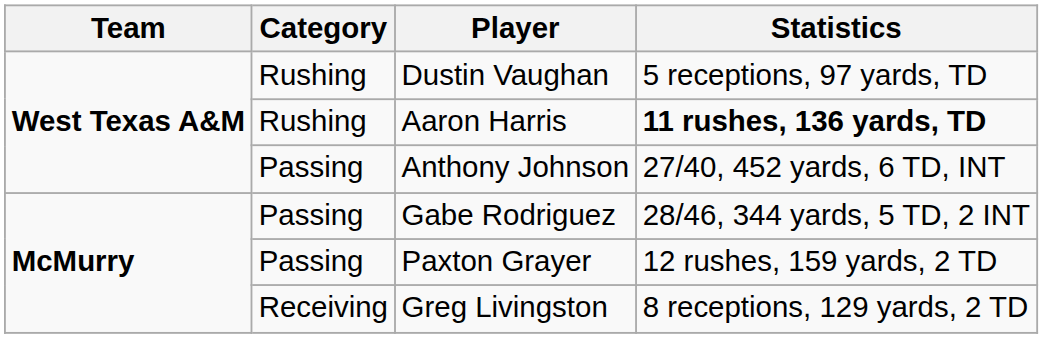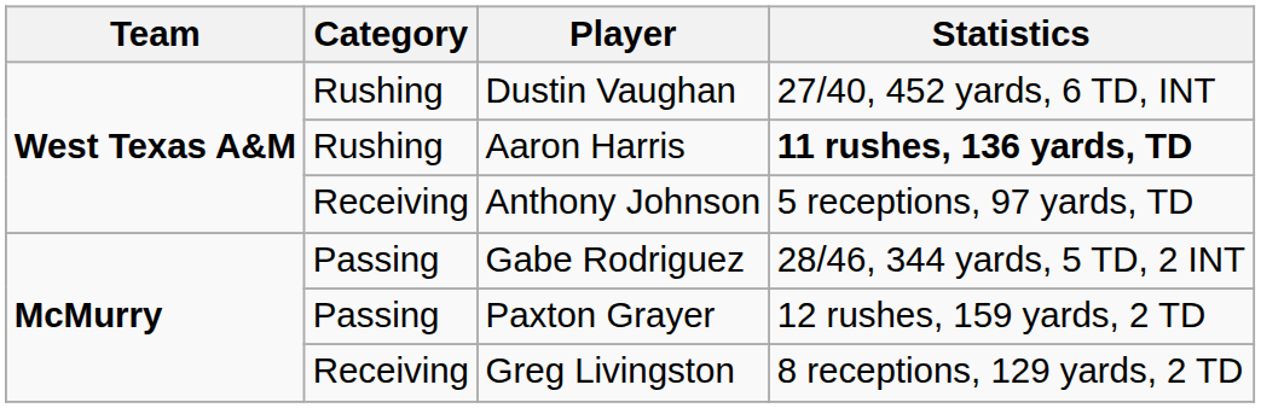 <table class="wikitable" style="float: left;">
 <tr>
 <th>Team</th>
 <th>Category</th>
 <th>Player</th>
 <th>Statistics</th>
 </tr>
 <tr>
 <td rowspan=3><strong>West Texas A&M</strong></td>
 <td>Rushing</td>
 <td>Dustin Vaughan</td>
-<td>5 receptions, 97 yards, TD</td>
+<td>27/40, 452 yards, 6 TD, INT</td>
 </tr>
 <tr>
 <td>Rushing</td>
 <td>Aaron Harris</td>
 <td><strong>11 rushes, 136 yards, TD</strong></td>
 </tr>
 <tr>
-<td>Passing</td>
+<td>Receiving</td>
 <td>Anthony Johnson</td>
-<td>27/40, 452 yards, 6 TD, INT</td>
+<td>5 receptions, 97 yards, TD</td>
 </tr>
 <tr>
 <td rowspan=3><strong>McMurry</strong></td>
 <td>Passing</td>
 <td>Gabe Rodriguez</td>
 <td>28/46, 344 yards, 5 TD, 2 INT</td>
 </tr>
 <tr>
 <td>Passing</td>
 <td>Paxton Grayer</td>
 <td>12 rushes, 159 yards, 2 TD</td>
 </tr>
 <tr>
 <td>Receiving</td>
 <td>Greg Livingston</td>
 <td>8 receptions, 129 yards, 2 TD</td>
 </tr>
 </table>
